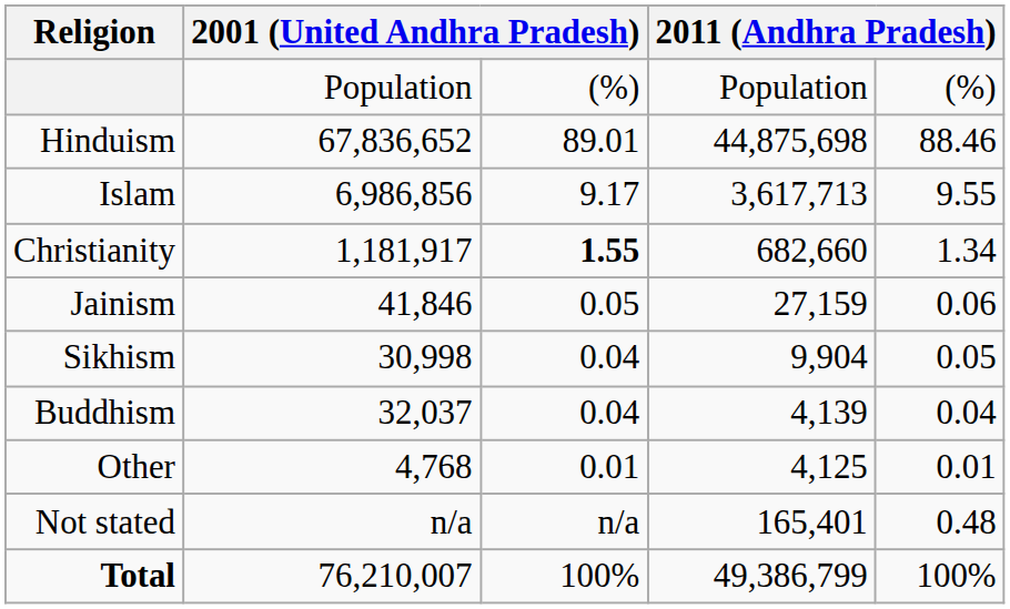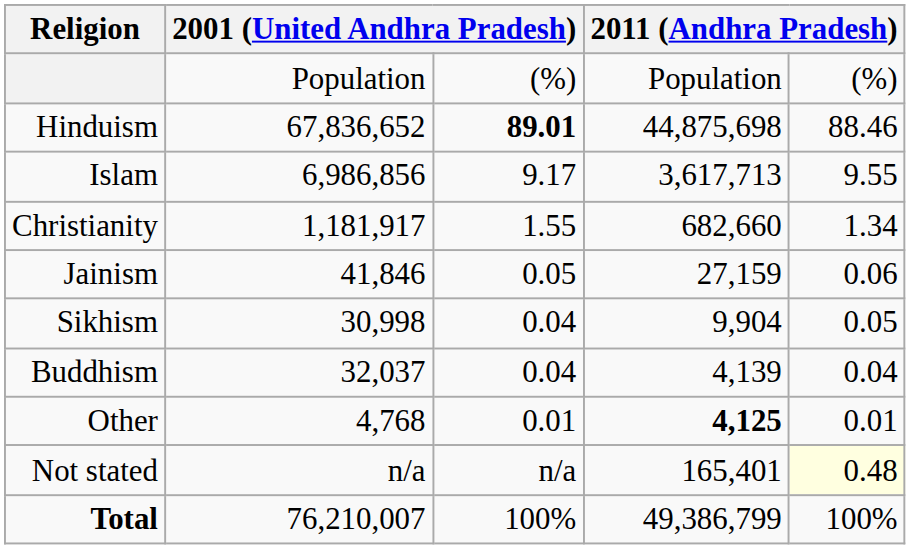 <table class="wikitable sortable"  style="text-align: right;">
 <tr>
 <th>Religion</th>
 <th colspan="2">2001 (<a href='#'>United Andhra Pradesh</a>) </th>
 <th colspan="2">2011 (<a href='#'>Andhra Pradesh</a>) </th>
 </tr>
 <tr>
 <th></th>
 <td>Population</td>
 <td>(%)</td>
 <td>Population</td>
 <td>(%)</td>
 </tr>
 <tr>
 <td>Hinduism</td>
 <td>67,836,652</td>
-<td>89.01</td>
+<td><strong>89.01</strong></td>
 <td>44,875,698</td>
 <td>88.46</td>
 </tr>
 <tr>
 <td>Islam</td>
 <td>6,986,856</td>
 <td>9.17</td>
 <td>3,617,713</td>
 <td>9.55</td>
 </tr>
 <tr>
 <td>Christianity</td>
 <td>1,181,917</td>
-<td><strong>1.55</strong></td>
+<td>1.55</td>
 <td>682,660</td>
 <td>1.34</td>
 </tr>
 <tr>
 <td>Jainism</td>
 <td>41,846</td>
 <td>0.05</td>
 <td>27,159</td>
 <td>0.06</td>
 </tr>
 <tr>
 <td>Sikhism</td>
 <td>30,998</td>
 <td>0.04</td>
 <td>9,904</td>
 <td>0.05</td>
 </tr>
 <tr>
 <td>Buddhism</td>
 <td>32,037</td>
 <td>0.04</td>
 <td>4,139</td>
 <td>0.04</td>
 </tr>
 <tr>
 <td>Other</td>
 <td>4,768</td>
 <td>0.01</td>
-<td>4,125</td>
+<td><strong>4,125</strong></td>
 <td>0.01</td>
 </tr>
 <tr>
 <td>Not stated</td>
 <td>n/a</td>
 <td>n/a</td>
 <td>165,401</td>
-<td>0.48</td>
+<td style="background: lightyellow;">0.48</td>
 </tr>
 <tr>
 <td><strong>Total</strong></td>
 <td>76,210,007</td>
 <td>100%</td>
 <td>49,386,799</td>
 <td>100%</td>
 </tr>
 </table>
